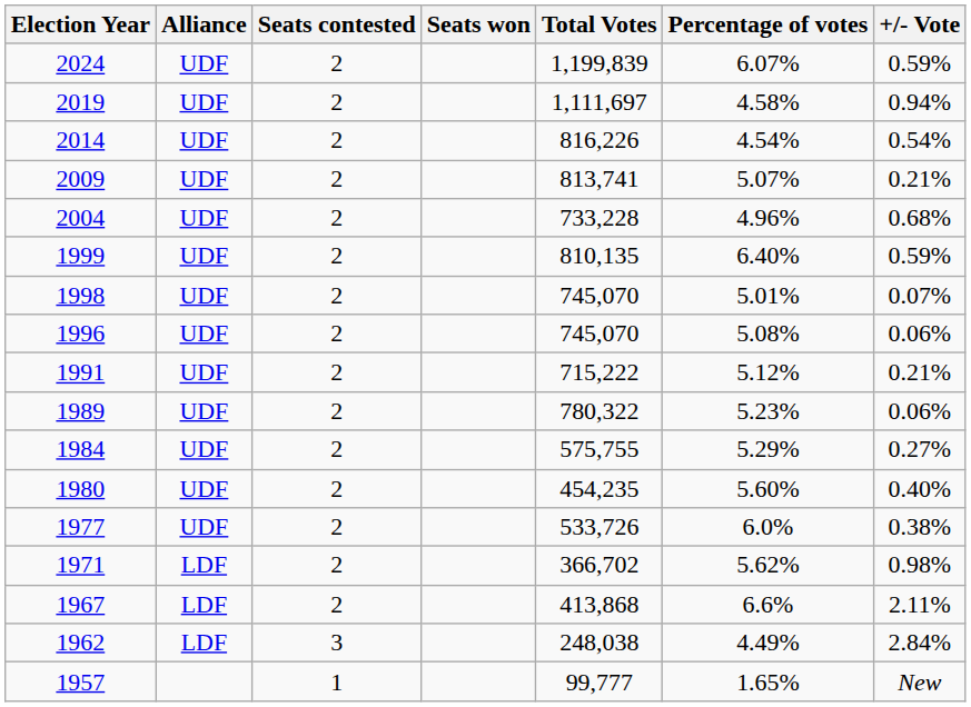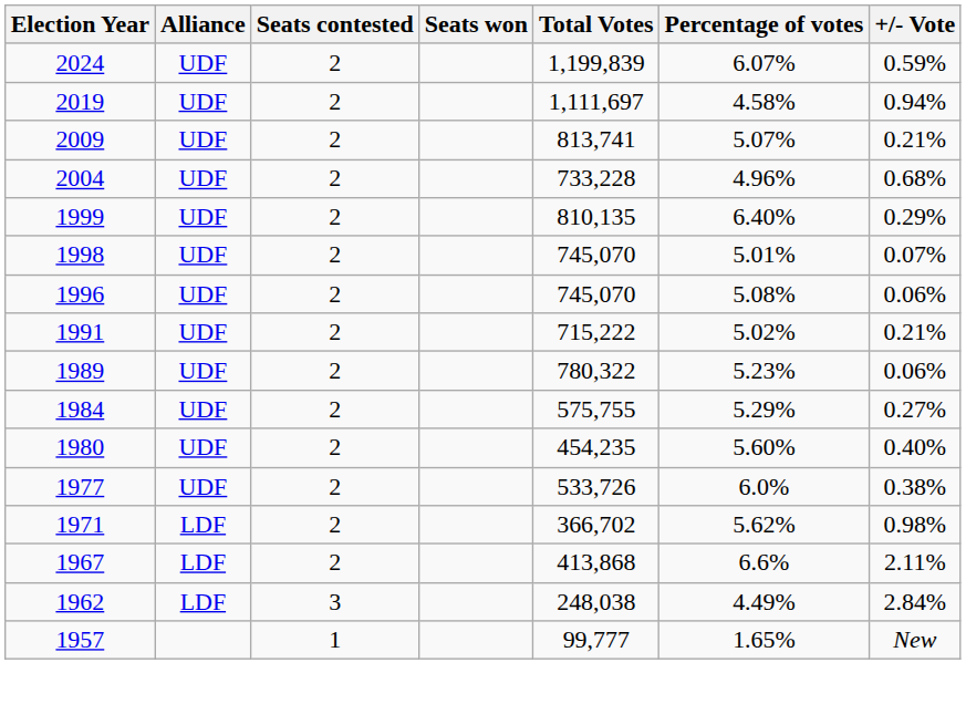 <table class="wikitable" style="text-align:center">
 <tr>
 <th Style="background-color:">Election Year</th>
 <th Style="background-color:">Alliance</th>
 <th Style="background-color:">Seats contested</th>
 <th Style="background-color:">Seats won</th>
 <th Style="background-color:">Total Votes</th>
 <th Style="background-color:">Percentage of votes</th>
 <th Style="background-color:">+/- Vote</th>
 </tr>
 <tr>
 <td><a href='#'>2024</a></td>
 <td><a href='#'>UDF</a></td>
 <td>2</td>
 <td></td>
 <td>1,199,839</td>
 <td>6.07%</td>
 <td> 0.59%</td>
 </tr>
 <tr>
 <td><a href='#'>2019</a></td>
 <td><a href='#'>UDF</a></td>
 <td>2</td>
 <td></td>
 <td>1,111,697</td>
 <td>4.58%</td>
 <td> 0.94%</td>
 </tr>
 <tr>
-<td><a href='#'>2014</a></td>
-<td><a href='#'>UDF</a></td>
-<td>2</td>
-<td></td>
-<td>816,226</td>
-<td>4.54%</td>
-<td> 0.54%</td>
-</tr>
-<tr>
 <td><a href='#'>2009</a></td>
 <td><a href='#'>UDF</a></td>
 <td>2</td>
 <td></td>
 <td>813,741</td>
 <td>5.07%</td>
 <td> 0.21%</td>
 </tr>
 <tr>
 <td><a href='#'>2004</a></td>
 <td><a href='#'>UDF</a></td>
 <td>2</td>
 <td></td>
 <td>733,228</td>
 <td>4.96%</td>
 <td> 0.68%</td>
 </tr>
 <tr>
 <td><a href='#'>1999</a></td>
 <td><a href='#'>UDF</a></td>
 <td>2</td>
 <td></td>
 <td>810,135</td>
 <td>6.40%</td>
-<td> 0.59%</td>
+<td> 0.29%</td>
 </tr>
 <tr>
 <td><a href='#'>1998</a></td>
 <td><a href='#'>UDF</a></td>
 <td>2</td>
 <td></td>
 <td>745,070</td>
 <td>5.01%</td>
 <td> 0.07%</td>
 </tr>
 <tr>
 <td><a href='#'>1996</a></td>
 <td><a href='#'>UDF</a></td>
 <td>2</td>
 <td></td>
 <td>745,070</td>
 <td>5.08%</td>
 <td> 0.06%</td>
 </tr>
 <tr>
 <td><a href='#'>1991</a></td>
 <td><a href='#'>UDF</a></td>
 <td>2</td>
 <td></td>
 <td>715,222</td>
-<td>5.12%</td>
+<td>5.02%</td>
 <td> 0.21%</td>
 </tr>
 <tr>
 <td><a href='#'>1989</a></td>
 <td><a href='#'>UDF</a></td>
 <td>2</td>
 <td></td>
 <td>780,322</td>
 <td>5.23%</td>
 <td> 0.06%</td>
 </tr>
 <tr>
 <td><a href='#'>1984</a></td>
 <td><a href='#'>UDF</a></td>
 <td>2</td>
 <td></td>
 <td>575,755</td>
 <td>5.29%</td>
 <td> 0.27%</td>
 </tr>
 <tr>
 <td><a href='#'>1980</a></td>
 <td><a href='#'>UDF</a></td>
 <td>2</td>
 <td></td>
 <td>454,235</td>
 <td>5.60%</td>
 <td> 0.40%</td>
 </tr>
 <tr>
 <td><a href='#'>1977</a></td>
 <td><a href='#'>UDF</a></td>
 <td>2</td>
 <td></td>
 <td>533,726</td>
 <td>6.0%</td>
 <td> 0.38%</td>
 </tr>
 <tr>
 <td><a href='#'>1971</a></td>
 <td><a href='#'>LDF</a></td>
 <td>2</td>
 <td></td>
 <td>366,702</td>
 <td>5.62%</td>
 <td> 0.98%</td>
 </tr>
 <tr>
 <td><a href='#'>1967</a></td>
 <td><a href='#'>LDF</a></td>
 <td>2</td>
 <td></td>
 <td>413,868</td>
 <td>6.6%</td>
 <td> 2.11%</td>
 </tr>
 <tr>
 <td><a href='#'>1962</a></td>
 <td><a href='#'>LDF</a></td>
 <td>3</td>
 <td></td>
 <td>248,038</td>
 <td>4.49%</td>
 <td> 2.84%</td>
 </tr>
 <tr>
 <td><a href='#'>1957</a></td>
 <td></td>
 <td>1</td>
 <td></td>
 <td>99,777</td>
 <td>1.65%</td>
 <td><em>New</em></td>
 </tr>
 </table>
